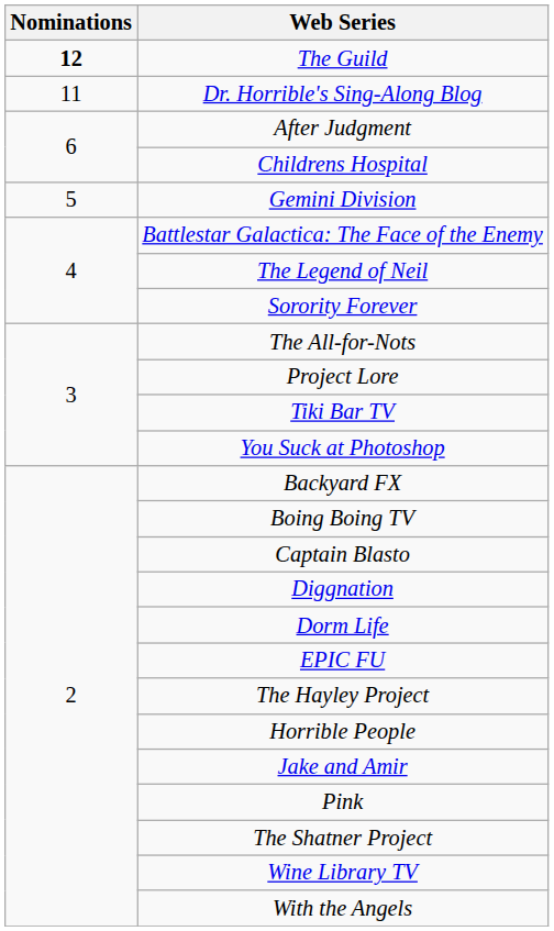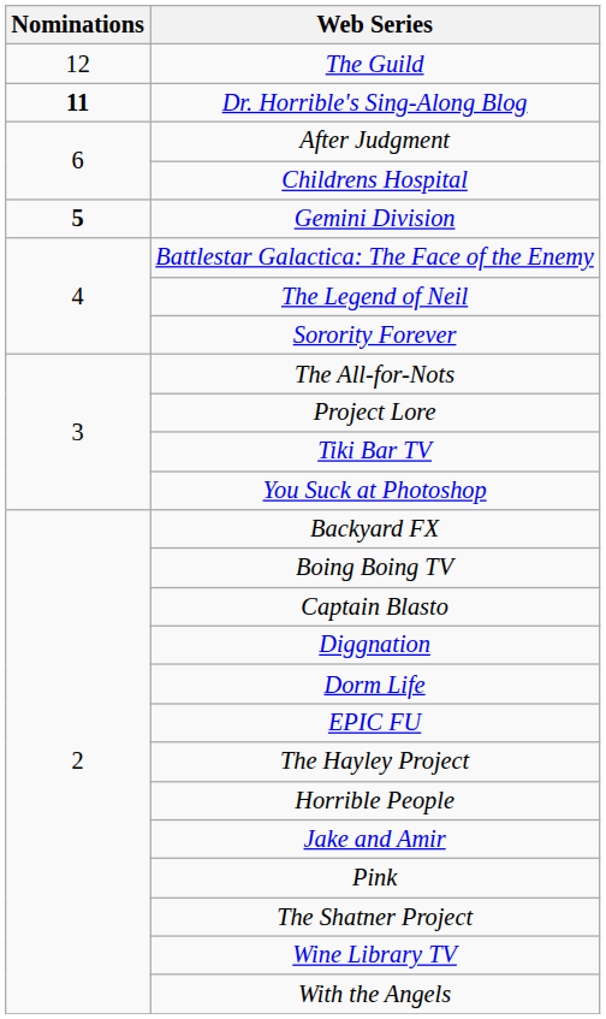 <table class="wikitable plainrowheaders" style="text-align:center;">
 <tr>
 <th scope="col" style="width:55px;">Nominations</th>
 <th scope="col" style="text-align:center;">Web Series</th>
 </tr>
 <tr>
-<td scope="row" style="text-align:center"><strong>12</strong></td>
+<td scope="row" style="text-align:center">12</td>
 <td><a href='#'><em>The Guild</em></a></td>
 </tr>
 <tr>
-<td scope="row" style="text-align:center">11</td>
+<td scope="row" style="text-align:center"><strong>11</strong></td>
 <td><em><a href='#'>Dr. Horrible's Sing-Along Blog</a></em></td>
 </tr>
 <tr>
 <td rowspan="2">6</td>
 <td><em>After Judgment</em></td>
 </tr>
 <tr>
 <td><em><a href='#'>Childrens Hospital</a></em></td>
 </tr>
 <tr>
-<td>5</td>
+<td><strong>5</strong></td>
 <td><em><a href='#'>Gemini Division</a></em></td>
 </tr>
 <tr>
 <td rowspan="3" scope="row" style="text-align:center;">4</td>
 <td><em><a href='#'>Battlestar Galactica: The Face of the Enemy</a></em></td>
 </tr>
 <tr>
 <td><em><a href='#'>The Legend of Neil</a></em></td>
 </tr>
 <tr>
 <td><em><a href='#'>Sorority Forever</a></em></td>
 </tr>
 <tr>
 <td rowspan="4">3</td>
 <td><em>The All-for-Nots</em></td>
 </tr>
 <tr>
 <td><em>Project Lore</em></td>
 </tr>
 <tr>
 <td><em><a href='#'>Tiki Bar TV</a></em></td>
 </tr>
 <tr>
 <td><em><a href='#'>You Suck at Photoshop</a></em></td>
 </tr>
 <tr>
 <td rowspan="13">2</td>
 <td><em>Backyard FX</em></td>
 </tr>
 <tr>
 <td><em>Boing Boing TV</em></td>
 </tr>
 <tr>
 <td><em>Captain Blasto</em></td>
 </tr>
 <tr>
 <td><em><a href='#'>Diggnation</a></em></td>
 </tr>
 <tr>
 <td><em><a href='#'>Dorm Life</a></em></td>
 </tr>
 <tr>
 <td><em><a href='#'>EPIC FU</a></em></td>
 </tr>
 <tr>
 <td><em>The Hayley Project</em></td>
 </tr>
 <tr>
 <td><em>Horrible People</em></td>
 </tr>
 <tr>
 <td><em><a href='#'>Jake and Amir</a></em></td>
 </tr>
 <tr>
 <td><em>Pink</em></td>
 </tr>
 <tr>
 <td><em>The Shatner Project</em></td>
 </tr>
 <tr>
 <td><em><a href='#'>Wine Library TV</a></em></td>
 </tr>
 <tr>
 <td><em>With the Angels</em></td>
 </tr>
 </table>
